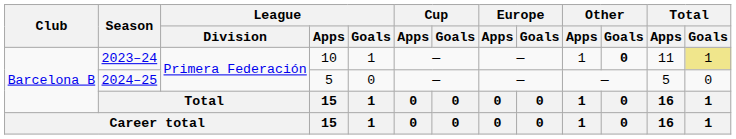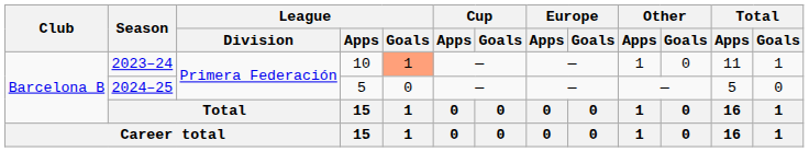 <table class="wikitable" style="text-align: center">
 <tr>
 <th rowspan="2">Club</th>
 <th rowspan="2">Season</th>
 <th colspan="3">League</th>
 <th colspan="2">Cup</th>
 <th colspan="2">Europe</th>
 <th colspan="2">Other</th>
 <th colspan="2">Total</th>
 </tr>
 <tr>
 <th>Division</th>
 <th>Apps</th>
 <th>Goals</th>
 <th>Apps</th>
 <th>Goals</th>
 <th>Apps</th>
 <th>Goals</th>
 <th>Apps</th>
 <th>Goals</th>
 <th>Apps</th>
 <th>Goals</th>
 </tr>
 <tr>
 <td rowspan=3><a href='#'>Barcelona B</a></td>
 <td><a href='#'>2023–24</a></td>
 <td rowspan=2><a href='#'>Primera Federación</a></td>
 <td>10</td>
-<td>1</td>
+<td style="background: lightsalmon;">1</td>
 <td colspan="2">—</td>
 <td colspan="2">—</td>
 <td>1</td>
-<td><strong>0</strong></td>
+<td>0</td>
 <td>11</td>
-<td style="background: khaki;">1</td>
+<td>1</td>
 </tr>
 <tr>
 <td><a href='#'>2024–25</a></td>
 <td>5</td>
 <td>0</td>
 <td colspan="2">—</td>
 <td colspan="2">—</td>
 <td colspan="2">—</td>
 <td>5</td>
 <td>0</td>
 </tr>
 <tr>
 <th colspan="2">Total</th>
 <th>15</th>
 <th>1</th>
 <th>0</th>
 <th>0</th>
 <th>0</th>
 <th>0</th>
 <th>1</th>
 <th>0</th>
 <th>16</th>
 <th>1</th>
 </tr>
 <tr>
 <th colspan="3">Career total</th>
 <th>15</th>
 <th>1</th>
 <th>0</th>
 <th>0</th>
 <th>0</th>
 <th>0</th>
 <th>1</th>
 <th>0</th>
 <th>16</th>
 <th>1</th>
 </tr>
 </table>
